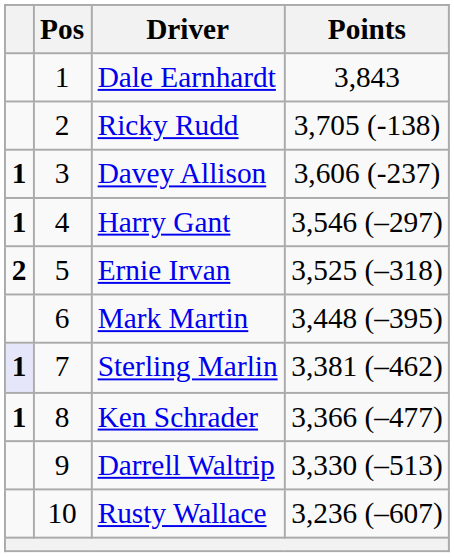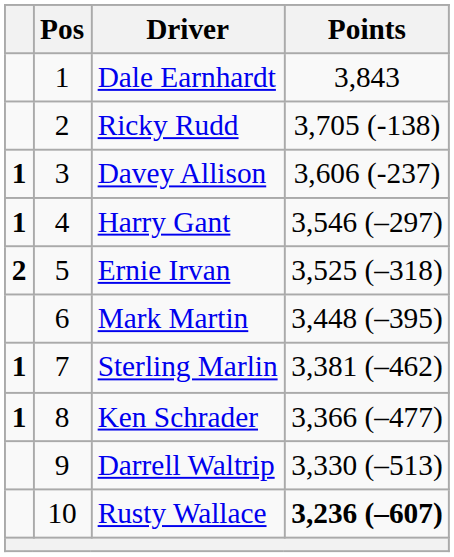 <table class="wikitable" style="font-size: 95%;">
 <tr>
 <th></th>
 <th>Pos</th>
 <th>Driver</th>
 <th>Points</th>
 </tr>
 <tr>
 <td align="left"></td>
 <td style="text-align:center;">1</td>
 <td><a href='#'>Dale Earnhardt</a></td>
 <td style="text-align:center;">3,843</td>
 </tr>
 <tr>
 <td align="left"></td>
 <td style="text-align:center;">2</td>
 <td><a href='#'>Ricky Rudd</a></td>
 <td style="text-align:center;">3,705 (-138)</td>
 </tr>
 <tr>
 <td align="left">  <strong>1</strong></td>
 <td style="text-align:center;">3</td>
 <td><a href='#'>Davey Allison</a></td>
 <td style="text-align:center;">3,606 (-237)</td>
 </tr>
 <tr>
 <td align="left">  <strong>1</strong></td>
 <td style="text-align:center;">4</td>
 <td><a href='#'>Harry Gant</a></td>
 <td style="text-align:center;">3,546 (–297)</td>
 </tr>
 <tr>
 <td align="left">  <strong>2</strong></td>
 <td style="text-align:center;">5</td>
 <td><a href='#'>Ernie Irvan</a></td>
 <td style="text-align:center;">3,525 (–318)</td>
 </tr>
 <tr>
 <td align="left"></td>
 <td style="text-align:center;">6</td>
 <td><a href='#'>Mark Martin</a></td>
 <td style="text-align:center;">3,448 (–395)</td>
 </tr>
 <tr>
-<td align="left" style="background: lavender;">  <strong>1</strong></td>
+<td align="left">  <strong>1</strong></td>
 <td style="text-align:center;">7</td>
 <td><a href='#'>Sterling Marlin</a></td>
 <td style="text-align:center;">3,381 (–462)</td>
 </tr>
 <tr>
 <td align="left">  <strong>1</strong></td>
 <td style="text-align:center;">8</td>
 <td><a href='#'>Ken Schrader</a></td>
 <td style="text-align:center;">3,366 (–477)</td>
 </tr>
 <tr>
 <td align="left"></td>
 <td style="text-align:center;">9</td>
 <td><a href='#'>Darrell Waltrip</a></td>
 <td style="text-align:center;">3,330 (–513)</td>
 </tr>
 <tr>
 <td align="left"></td>
 <td style="text-align:center;">10</td>
 <td><a href='#'>Rusty Wallace</a></td>
-<td style="text-align:center;">3,236 (–607)</td>
+<td style="text-align:center;"><strong>3,236 (–607)</strong></td>
 </tr>
 <tr class="sortbottom">
 <th colspan="9"></th>
 </tr>
 </table>
